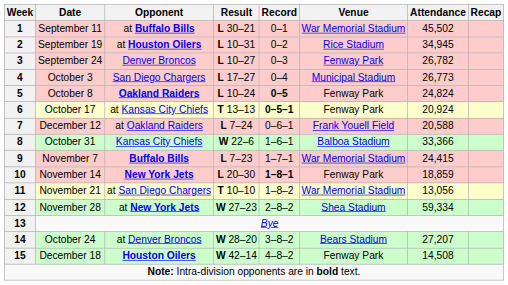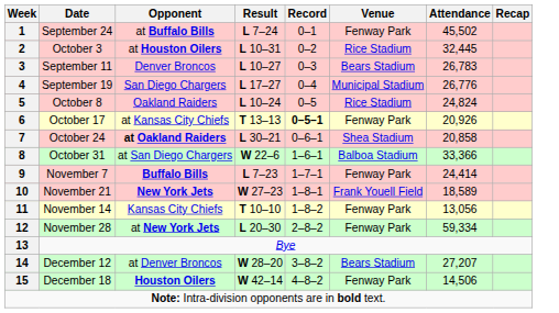 <table class="wikitable" style="text-align:center">
 <tr>
 <th>Week</th>
 <th>Date</th>
 <th>Opponent</th>
 <th>Result</th>
 <th>Record</th>
 <th>Venue</th>
 <th>Attendance</th>
 <th>Recap</th>
 </tr>
 <tr style="background:#fcc">
 <th>1</th>
-<td>September 11</td>
+<td>September 24</td>
 <td>at <strong><a href='#'>Buffalo Bills</a></strong></td>
-<td><strong>L</strong> 30–21</td>
+<td><strong>L</strong> 7–24</td>
 <td>0–1</td>
-<td><a href='#'>War Memorial Stadium</a></td>
+<td>Fenway Park</td>
 <td>45,502</td>
 <td></td>
 </tr>
 <tr style="background:#fcc">
 <th>2</th>
-<td>September 19</td>
+<td>October 3</td>
 <td>at <strong><a href='#'>Houston Oilers</a></strong></td>
 <td><strong>L</strong> 10–31</td>
 <td>0–2</td>
 <td><a href='#'>Rice Stadium</a></td>
-<td>34,945</td>
+<td>32,445</td>
 <td></td>
 </tr>
 <tr style="background:#fcc">
 <th>3</th>
-<td>September 24</td>
+<td>September 11</td>
 <td><a href='#'>Denver Broncos</a></td>
 <td><strong>L</strong> 10–27</td>
 <td>0–3</td>
-<td><a href='#'>Fenway Park</a></td>
-<td>26,782</td>
+<td><a href='#'>Bears Stadium</a></td>
+<td>26,783</td>
 <td></td>
 </tr>
 <tr style="background:#fcc">
 <th>4</th>
-<td>October 3</td>
+<td>September 19</td>
 <td><a href='#'>San Diego Chargers</a></td>
 <td><strong>L</strong> 17–27</td>
 <td>0–4</td>
 <td><a href='#'>Municipal Stadium</a></td>
-<td>26,773</td>
+<td>26,776</td>
 <td></td>
 </tr>
 <tr style="background:#fcc">
 <th>5</th>
 <td>October 8</td>
-<td><strong><a href='#'>Oakland Raiders</a></strong></td>
+<td><a href='#'>Oakland Raiders</a></td>
 <td><strong>L</strong> 10–24</td>
-<td><strong>0–5</strong></td>
-<td>Fenway Park</td>
+<td>0–5</td>
+<td><a href='#'>Rice Stadium</a></td>
 <td>24,824</td>
 <td></td>
 </tr>
 <tr style="background:#ffc">
 <th>6</th>
 <td>October 17</td>
 <td>at <a href='#'>Kansas City Chiefs</a></td>
 <td><strong>T</strong> 13–13</td>
 <td><strong>0–5–1</strong></td>
 <td>Fenway Park</td>
-<td>20,924</td>
+<td>20,926</td>
 <td></td>
 </tr>
 <tr style="background:#fcc">
 <th>7</th>
-<td>December 12</td>
-<td>at <a href='#'>Oakland Raiders</a></td>
-<td><strong>L</strong> 7–24</td>
+<td>October 24</td>
+<td><strong>at <a href='#'>Oakland Raiders</a></strong></td>
+<td><strong>L</strong> 30–21</td>
 <td>0–6–1</td>
-<td><a href='#'>Frank Youell Field</a></td>
-<td>20,588</td>
+<td><a href='#'>Shea Stadium</a></td>
+<td>20,858</td>
 <td></td>
 </tr>
 <tr style="background:#cfc">
 <th>8</th>
 <td>October 31</td>
-<td><a href='#'>Kansas City Chiefs</a></td>
+<td>at <a href='#'>San Diego Chargers</a></td>
 <td><strong>W</strong> 22–6</td>
 <td>1–6–1</td>
 <td><a href='#'>Balboa Stadium</a></td>
 <td>33,366</td>
 <td></td>
 </tr>
 <tr style="background:#fcc">
 <th>9</th>
 <td>November 7</td>
 <td><strong><a href='#'>Buffalo Bills</a></strong></td>
 <td><strong>L</strong> 7–23</td>
 <td>1–7–1</td>
-<td><a href='#'>War Memorial Stadium</a></td>
-<td>24,415</td>
+<td>Fenway Park</td>
+<td>24,414</td>
 <td></td>
 </tr>
 <tr style="background:#fcc">
 <th>10</th>
-<td>November 14</td>
+<td>November 21</td>
 <td><strong><a href='#'>New York Jets</a></strong></td>
-<td><strong>L</strong> 20–30</td>
-<td><strong>1–8–1</strong></td>
-<td>Fenway Park</td>
-<td>18,859</td>
+<td><strong>W</strong> 27–23</td>
+<td>1–8–1</td>
+<td><a href='#'>Frank Youell Field</a></td>
+<td>18,589</td>
 <td></td>
 </tr>
 <tr style="background:#ffc">
 <th>11</th>
-<td>November 21</td>
-<td>at <a href='#'>San Diego Chargers</a></td>
+<td>November 14</td>
+<td><a href='#'>Kansas City Chiefs</a></td>
 <td><strong>T</strong> 10–10</td>
 <td>1–8–2</td>
-<td><a href='#'>War Memorial Stadium</a></td>
+<td>Fenway Park</td>
 <td>13,056</td>
 <td></td>
 </tr>
 <tr style="background:#cfc">
 <th>12</th>
 <td>November 28</td>
 <td>at <strong><a href='#'>New York Jets</a></strong></td>
-<td><strong>W</strong> 27–23</td>
+<td><strong>L</strong> 20–30</td>
 <td>2–8–2</td>
-<td><a href='#'>Shea Stadium</a></td>
+<td>Fenway Park</td>
 <td>59,334</td>
 <td></td>
 </tr>
 <tr>
 <th>13</th>
 <td colspan="7"><em><a href='#'>Bye</a></em></td>
 </tr>
 <tr style="background:#cfc">
 <th>14</th>
-<td>October 24</td>
+<td>December 12</td>
 <td>at <a href='#'>Denver Broncos</a></td>
 <td><strong>W</strong> 28–20</td>
 <td>3–8–2</td>
 <td><a href='#'>Bears Stadium</a></td>
 <td>27,207</td>
 <td></td>
 </tr>
 <tr style="background:#cfc">
 <th>15</th>
 <td>December 18</td>
 <td><strong><a href='#'>Houston Oilers</a></strong></td>
 <td><strong>W</strong> 42–14</td>
 <td>4–8–2</td>
 <td>Fenway Park</td>
-<td>14,508</td>
+<td>14,506</td>
 <td></td>
 </tr>
 <tr>
 <td colspan="8"><strong>Note:</strong> Intra-division opponents are in <strong>bold</strong> text.</td>
 </tr>
 </table>
